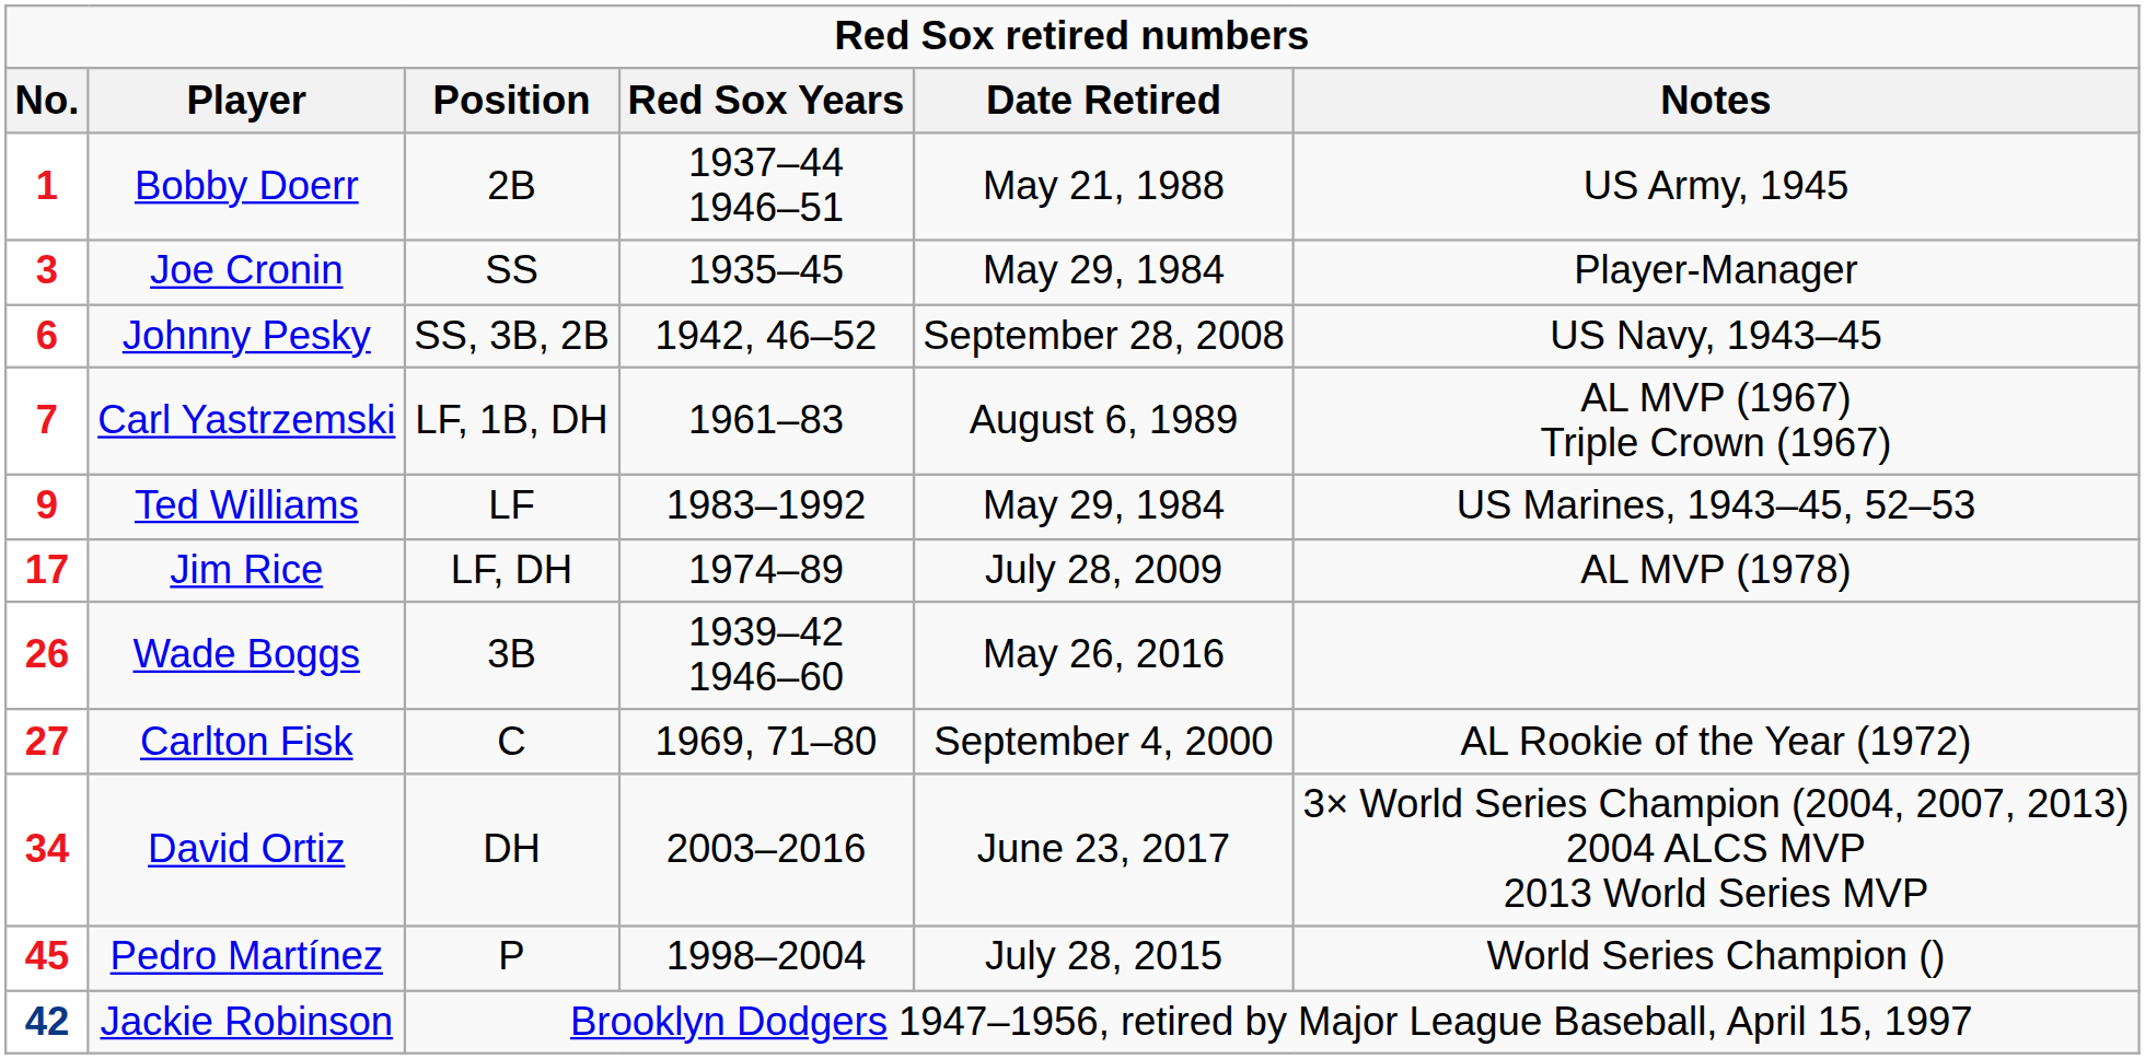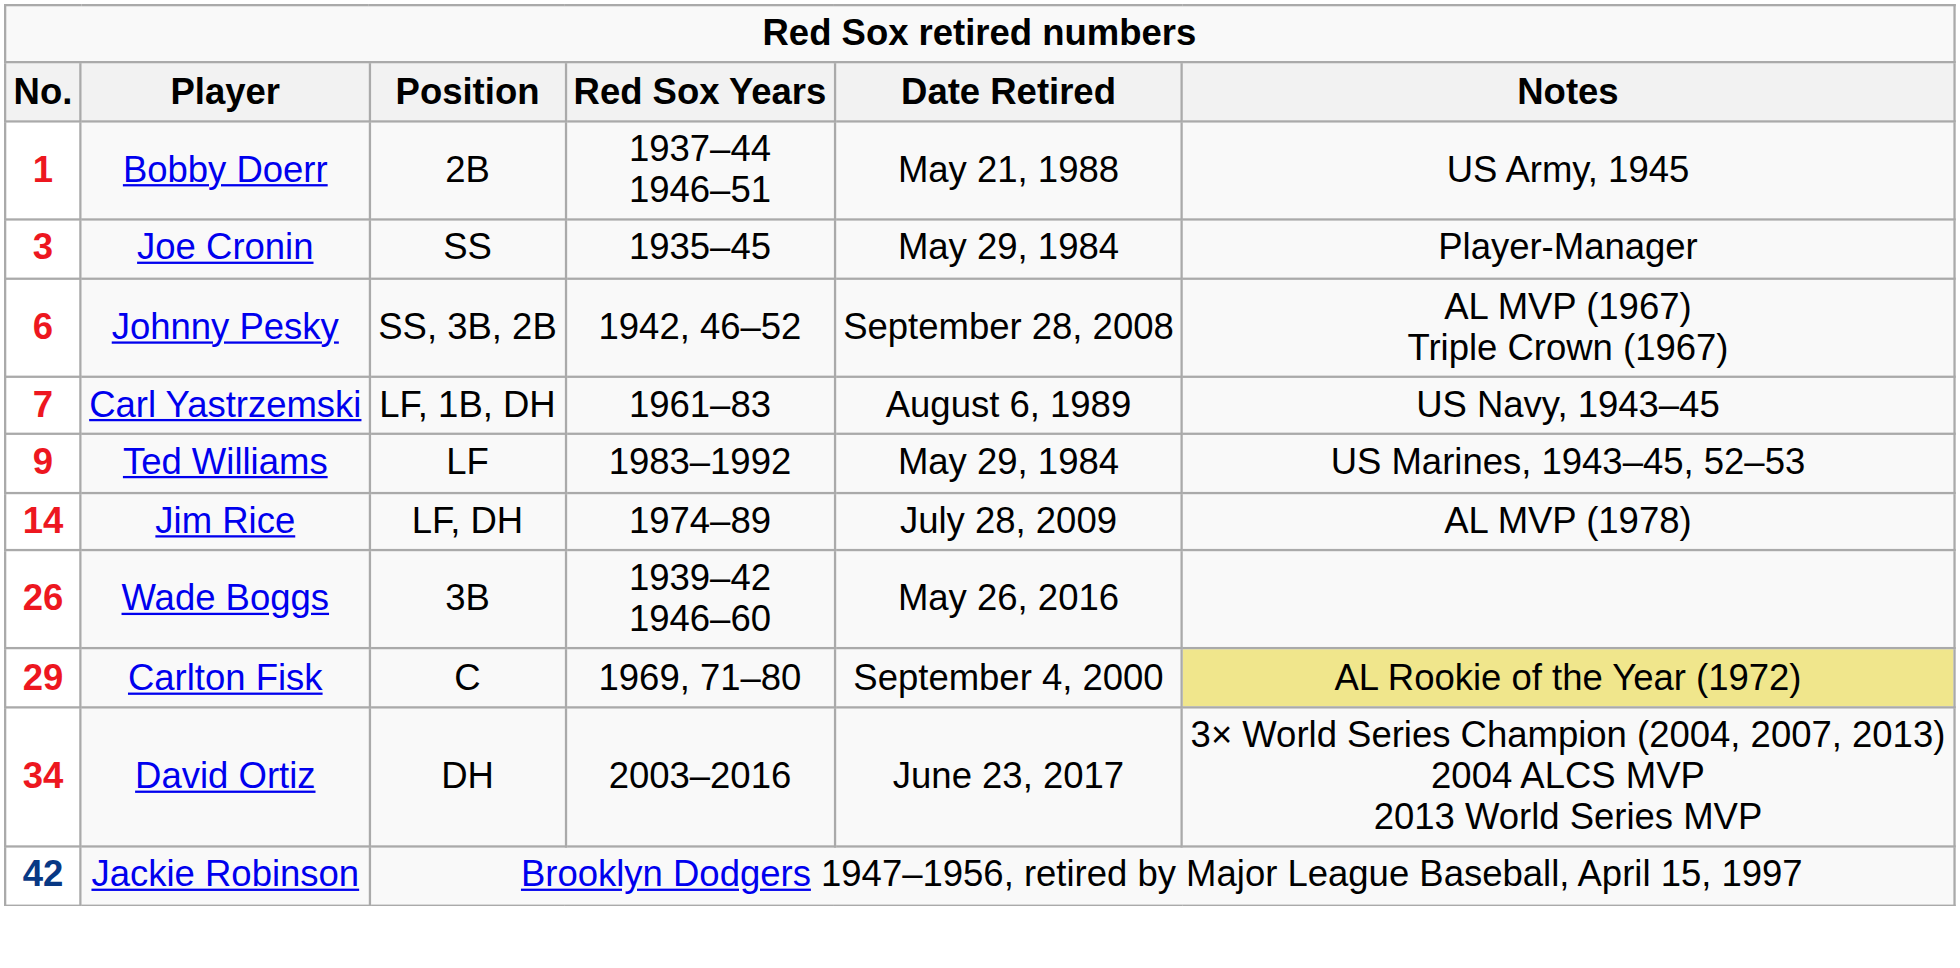 <table class="wikitable" style="text-align:center">
 <tr>
 <td colspan=6 style="text-align:center"><strong>Red Sox retired numbers</strong></td>
 </tr>
 <tr>
 <th>No.</th>
 <th>Player</th>
 <th>Position</th>
 <th>Red Sox Years</th>
 <th>Date Retired</th>
 <th>Notes</th>
 </tr>
 <tr>
 <td align="center" style="color:#ed171f; background-color:#fff;"><strong>1</strong></td>
 <td><a href='#'>Bobby Doerr</a></td>
 <td>2B</td>
 <td>1937–44<br>1946–51</td>
 <td>May 21, 1988</td>
 <td>US Army, 1945</td>
 </tr>
 <tr>
 <td align="center" style="color:#ed171f; background-color:#fff;"><strong>3</strong></td>
 <td><a href='#'>Joe Cronin</a></td>
 <td>SS</td>
 <td>1935–45</td>
 <td>May 29, 1984</td>
 <td>Player-Manager</td>
 </tr>
 <tr>
 <td align="center" style="color:#ed171f; background-color:#fff;"><strong>6</strong></td>
 <td><a href='#'>Johnny Pesky</a></td>
 <td>SS, 3B, 2B</td>
 <td>1942, 46–52</td>
 <td>September 28, 2008</td>
-<td>US Navy, 1943–45</td>
+<td>AL MVP (1967)<br>Triple Crown (1967)</td>
 </tr>
 <tr>
 <td align="center" style="color:#ed171f; background-color:#fff;"><strong>7</strong></td>
 <td><a href='#'>Carl Yastrzemski</a></td>
 <td>LF, 1B, DH</td>
 <td>1961–83</td>
 <td>August 6, 1989</td>
-<td>AL MVP (1967)<br>Triple Crown (1967)</td>
+<td>US Navy, 1943–45</td>
 </tr>
 <tr>
 <td align="center" style="color:#ed171f; background-color:#fff;"><strong>9</strong></td>
 <td><a href='#'>Ted Williams</a></td>
 <td>LF</td>
 <td>1983–1992</td>
 <td>May 29, 1984</td>
 <td>US Marines, 1943–45, 52–53</td>
 </tr>
 <tr>
-<td align="center" style="color:#ed171f; background-color:#fff;"><strong>17</strong></td>
+<td align="center" style="color:#ed171f; background-color:#fff;"><strong>14</strong></td>
 <td><a href='#'>Jim Rice</a></td>
 <td>LF, DH</td>
 <td>1974–89</td>
 <td>July 28, 2009</td>
 <td>AL MVP (1978)</td>
 </tr>
 <tr>
 <td align="center" style="color:#ed171f; background-color:#fff;"><strong>26</strong></td>
 <td><a href='#'>Wade Boggs</a></td>
 <td>3B</td>
 <td>1939–42<br>1946–60</td>
 <td>May 26, 2016</td>
 <td></td>
 </tr>
 <tr>
-<td align="center" style="color:#ed171f; background-color:#fff;"><strong>27</strong></td>
+<td align="center" style="color:#ed171f; background-color:#fff;"><strong>29</strong></td>
 <td><a href='#'>Carlton Fisk</a></td>
 <td>C</td>
 <td>1969, 71–80</td>
 <td>September 4, 2000</td>
-<td>AL Rookie of the Year (1972)</td>
+<td style="background: khaki;">AL Rookie of the Year (1972)</td>
 </tr>
 <tr>
 <td align="center" style="color:#ed171f; background-color:#fff;"><strong>34</strong></td>
 <td><a href='#'>David Ortiz</a></td>
 <td>DH</td>
 <td>2003–2016</td>
 <td>June 23, 2017</td>
 <td>3× World Series Champion (2004, 2007, 2013)<br>2004 ALCS MVP<br>2013 World Series MVP</td>
 </tr>
 <tr>
-<td align="center" style="color:#ed171f; background-color:#fff;"><strong>45</strong></td>
-<td><a href='#'>Pedro Martínez</a></td>
-<td>P</td>
-<td>1998–2004</td>
-<td>July 28, 2015</td>
-<td>World Series Champion ()</td>
-</tr>
-<tr>
 <td align="center" style="color:#083884; background-color:#fff;"><strong>42</strong></td>
 <td><a href='#'>Jackie Robinson</a></td>
 <td colspan=4 align="center"><a href='#'>Brooklyn Dodgers</a> 1947–1956, retired by Major League Baseball, April 15, 1997</td>
 </tr>
 </table>
